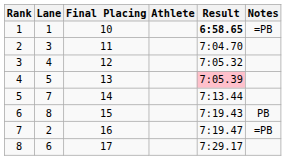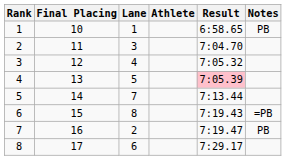 <table class="wikitable sortable" style="text-align:center">
 <tr>
 <th>Rank</th>
+<th>Final Placing</th>
 <th>Lane</th>
-<th>Final Placing</th>
 <th>Athlete</th>
 <th>Result</th>
 <th>Notes</th>
 </tr>
 <tr>
 <td>1</td>
+<td>10</td>
 <td>1</td>
-<td>10</td>
 <td align=left></td>
-<td><strong>6:58.65</strong></td>
-<td>=PB</td>
+<td>6:58.65</td>
+<td>PB</td>
 </tr>
 <tr>
 <td>2</td>
+<td>11</td>
 <td>3</td>
-<td>11</td>
 <td align=left></td>
 <td>7:04.70</td>
 <td></td>
 </tr>
 <tr>
 <td>3</td>
+<td>12</td>
 <td>4</td>
-<td>12</td>
 <td align=left></td>
 <td>7:05.32</td>
 <td></td>
 </tr>
 <tr>
 <td>4</td>
+<td>13</td>
 <td>5</td>
-<td>13</td>
 <td align=left></td>
 <td style="background: pink;">7:05.39</td>
 <td></td>
 </tr>
 <tr>
 <td>5</td>
+<td>14</td>
 <td>7</td>
-<td>14</td>
 <td align=left></td>
 <td>7:13.44</td>
 <td></td>
 </tr>
 <tr>
 <td>6</td>
+<td>15</td>
 <td>8</td>
-<td>15</td>
 <td align=left></td>
 <td>7:19.43</td>
+<td>=PB</td>
+</tr>
+<tr>
+<td>7</td>
+<td>16</td>
+<td>2</td>
+<td align=left></td>
+<td>7:19.47</td>
 <td>PB</td>
 </tr>
 <tr>
-<td>7</td>
-<td>2</td>
-<td>16</td>
-<td align=left></td>
-<td>7:19.47</td>
-<td>=PB</td>
-</tr>
-<tr>
 <td>8</td>
+<td>17</td>
 <td>6</td>
-<td>17</td>
 <td align=left></td>
 <td>7:29.17</td>
 <td></td>
 </tr>
 </table>
